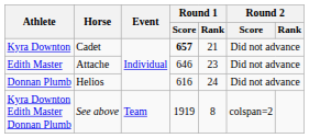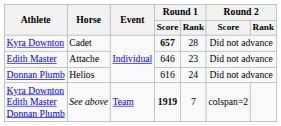 <table class=wikitable style=font-size:90%;text-align:center>
 <tr>
 <th rowspan=2>Athlete</th>
 <th rowspan=2>Horse</th>
 <th rowspan=2>Event</th>
 <th colspan=2>Round 1</th>
 <th colspan=2>Round 2</th>
 </tr>
 <tr style=font-size:95%>
 <th>Score</th>
 <th>Rank</th>
 <th>Score</th>
 <th>Rank</th>
 </tr>
 <tr>
 <td align=left><a href='#'>Kyra Downton</a></td>
 <td align=left>Cadet</td>
 <td align=left rowspan=3><a href='#'>Individual</a></td>
 <td><strong>657</strong></td>
-<td>21</td>
+<td>28</td>
 <td colspan=2>Did not advance</td>
 </tr>
 <tr>
 <td align=left><a href='#'>Edith Master</a></td>
 <td align=left>Attache</td>
 <td>646</td>
 <td>23</td>
 <td colspan=2>Did not advance</td>
 </tr>
 <tr>
 <td align=left><a href='#'>Donnan Plumb</a></td>
 <td align=left>Helios</td>
 <td>616</td>
 <td>24</td>
 <td colspan=2>Did not advance</td>
 </tr>
 <tr>
 <td align=left><a href='#'>Kyra Downton</a><br><a href='#'>Edith Master</a><br><a href='#'>Donnan Plumb</a></td>
 <td align=left><em>See above</em></td>
 <td align=left><a href='#'>Team</a></td>
-<td>1919</td>
-<td>8</td>
+<td><strong>1919</strong></td>
+<td>7</td>
 <td>colspan=2 </td>
 </tr>
 </table>
